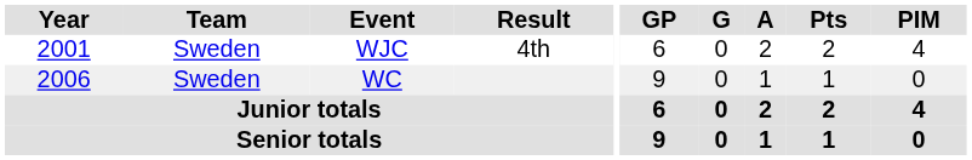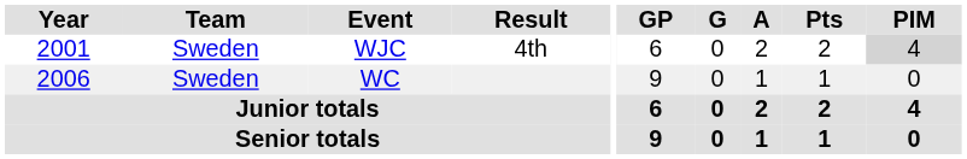 <table border="0" cellpadding="1" cellspacing="0" ID="Table3" style="text-align:center; width:40em">
 <tr ALIGN="center" bgcolor="#e0e0e0">
 <th>Year</th>
 <th>Team</th>
 <th>Event</th>
 <th>Result</th>
 <th rowspan="99" bgcolor="#ffffff"></th>
 <th>GP</th>
 <th>G</th>
 <th>A</th>
 <th>Pts</th>
 <th>PIM</th>
 </tr>
 <tr>
 <td><a href='#'>2001</a></td>
 <td><a href='#'>Sweden</a></td>
 <td><a href='#'>WJC</a></td>
 <td>4th</td>
 <td>6</td>
 <td>0</td>
 <td>2</td>
 <td>2</td>
-<td>4</td>
+<td style="background: lightgrey;">4</td>
 </tr>
 <tr bgcolor="#f0f0f0">
 <td><a href='#'>2006</a></td>
 <td><a href='#'>Sweden</a></td>
 <td><a href='#'>WC</a></td>
 <td></td>
 <td>9</td>
 <td>0</td>
 <td>1</td>
 <td>1</td>
 <td>0</td>
 </tr>
 <tr bgcolor="#e0e0e0">
 <th colspan="4">Junior totals</th>
 <th>6</th>
 <th>0</th>
 <th>2</th>
 <th>2</th>
 <th>4</th>
 </tr>
 <tr bgcolor="#e0e0e0">
 <th colspan="4">Senior totals</th>
 <th>9</th>
 <th>0</th>
 <th>1</th>
 <th>1</th>
 <th>0</th>
 </tr>
 </table>
